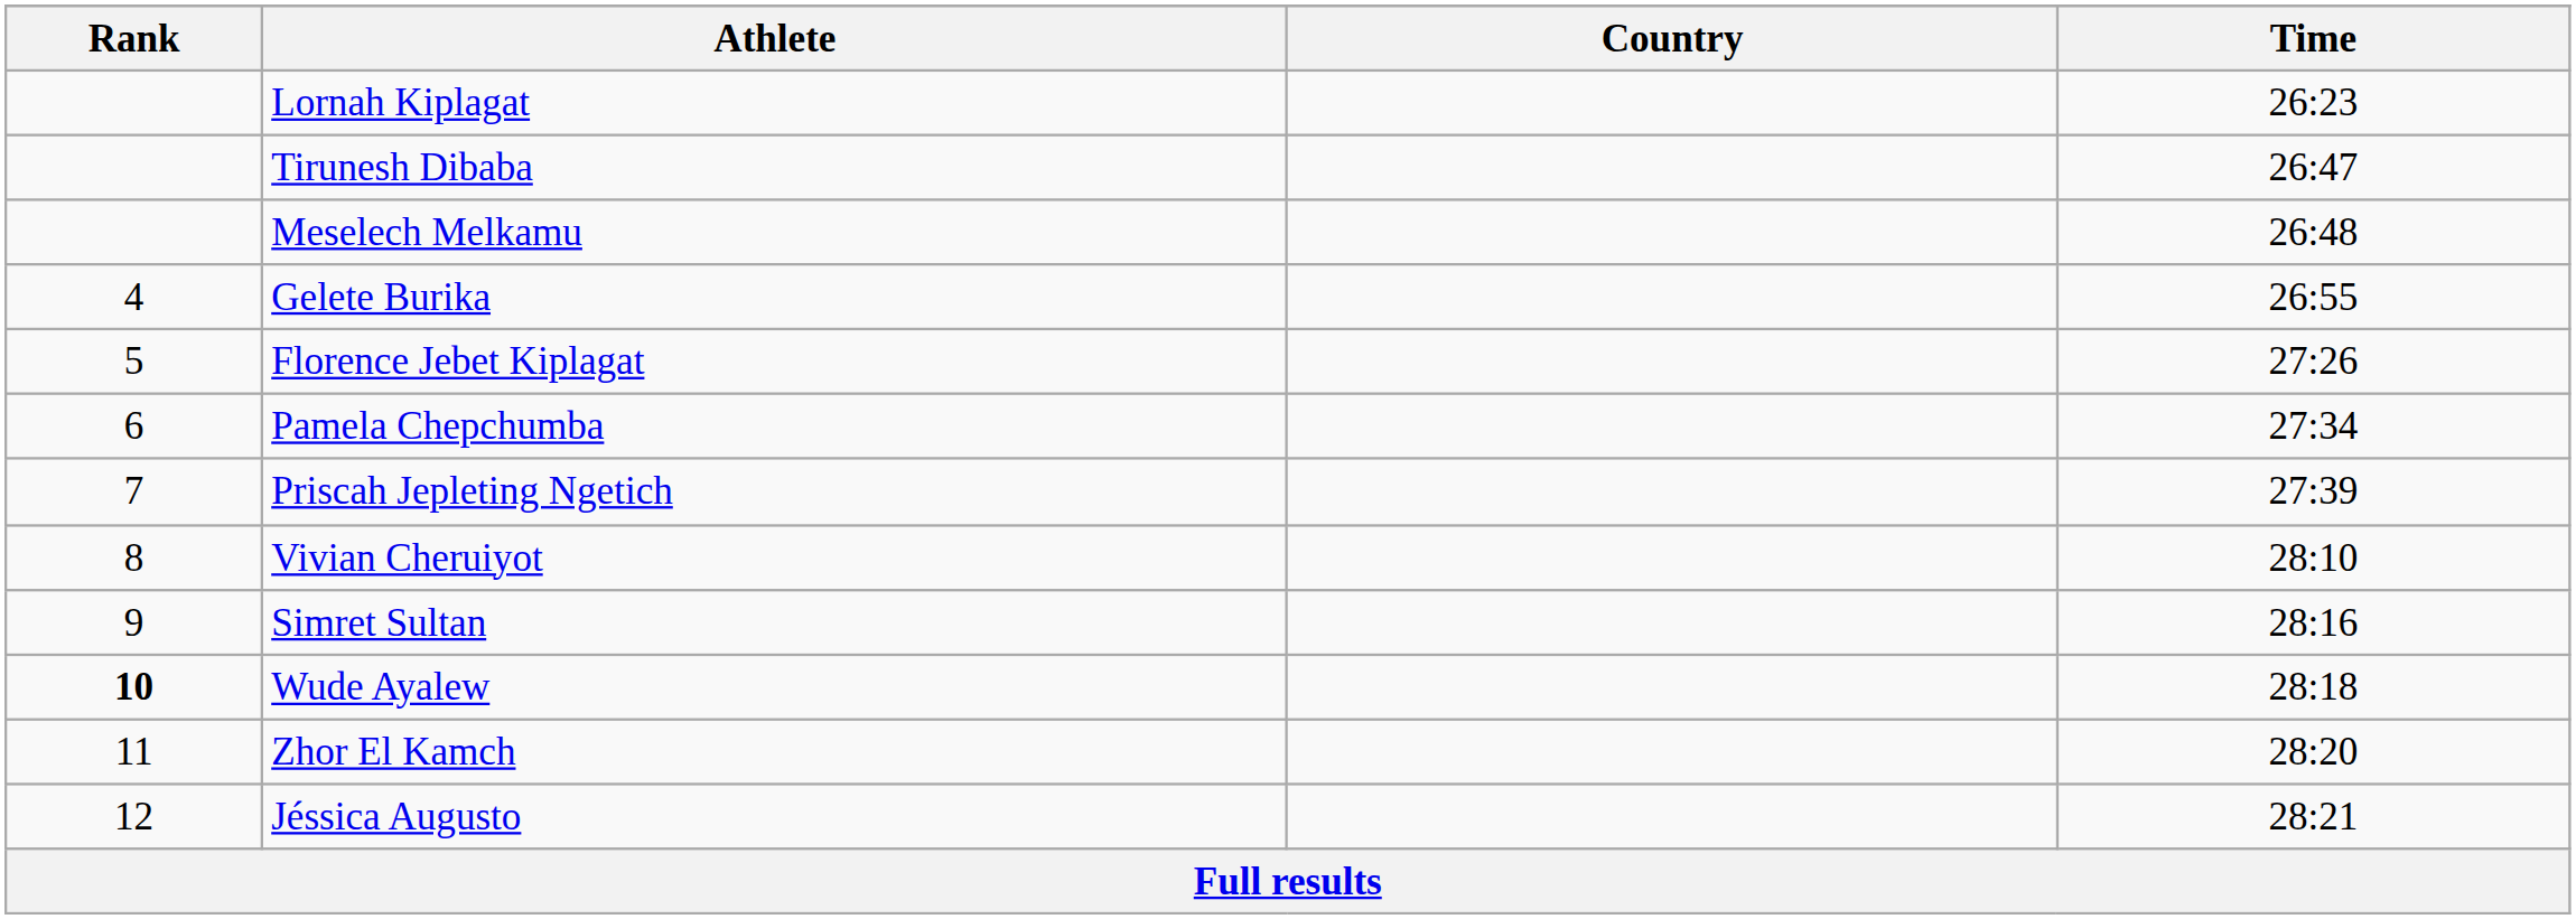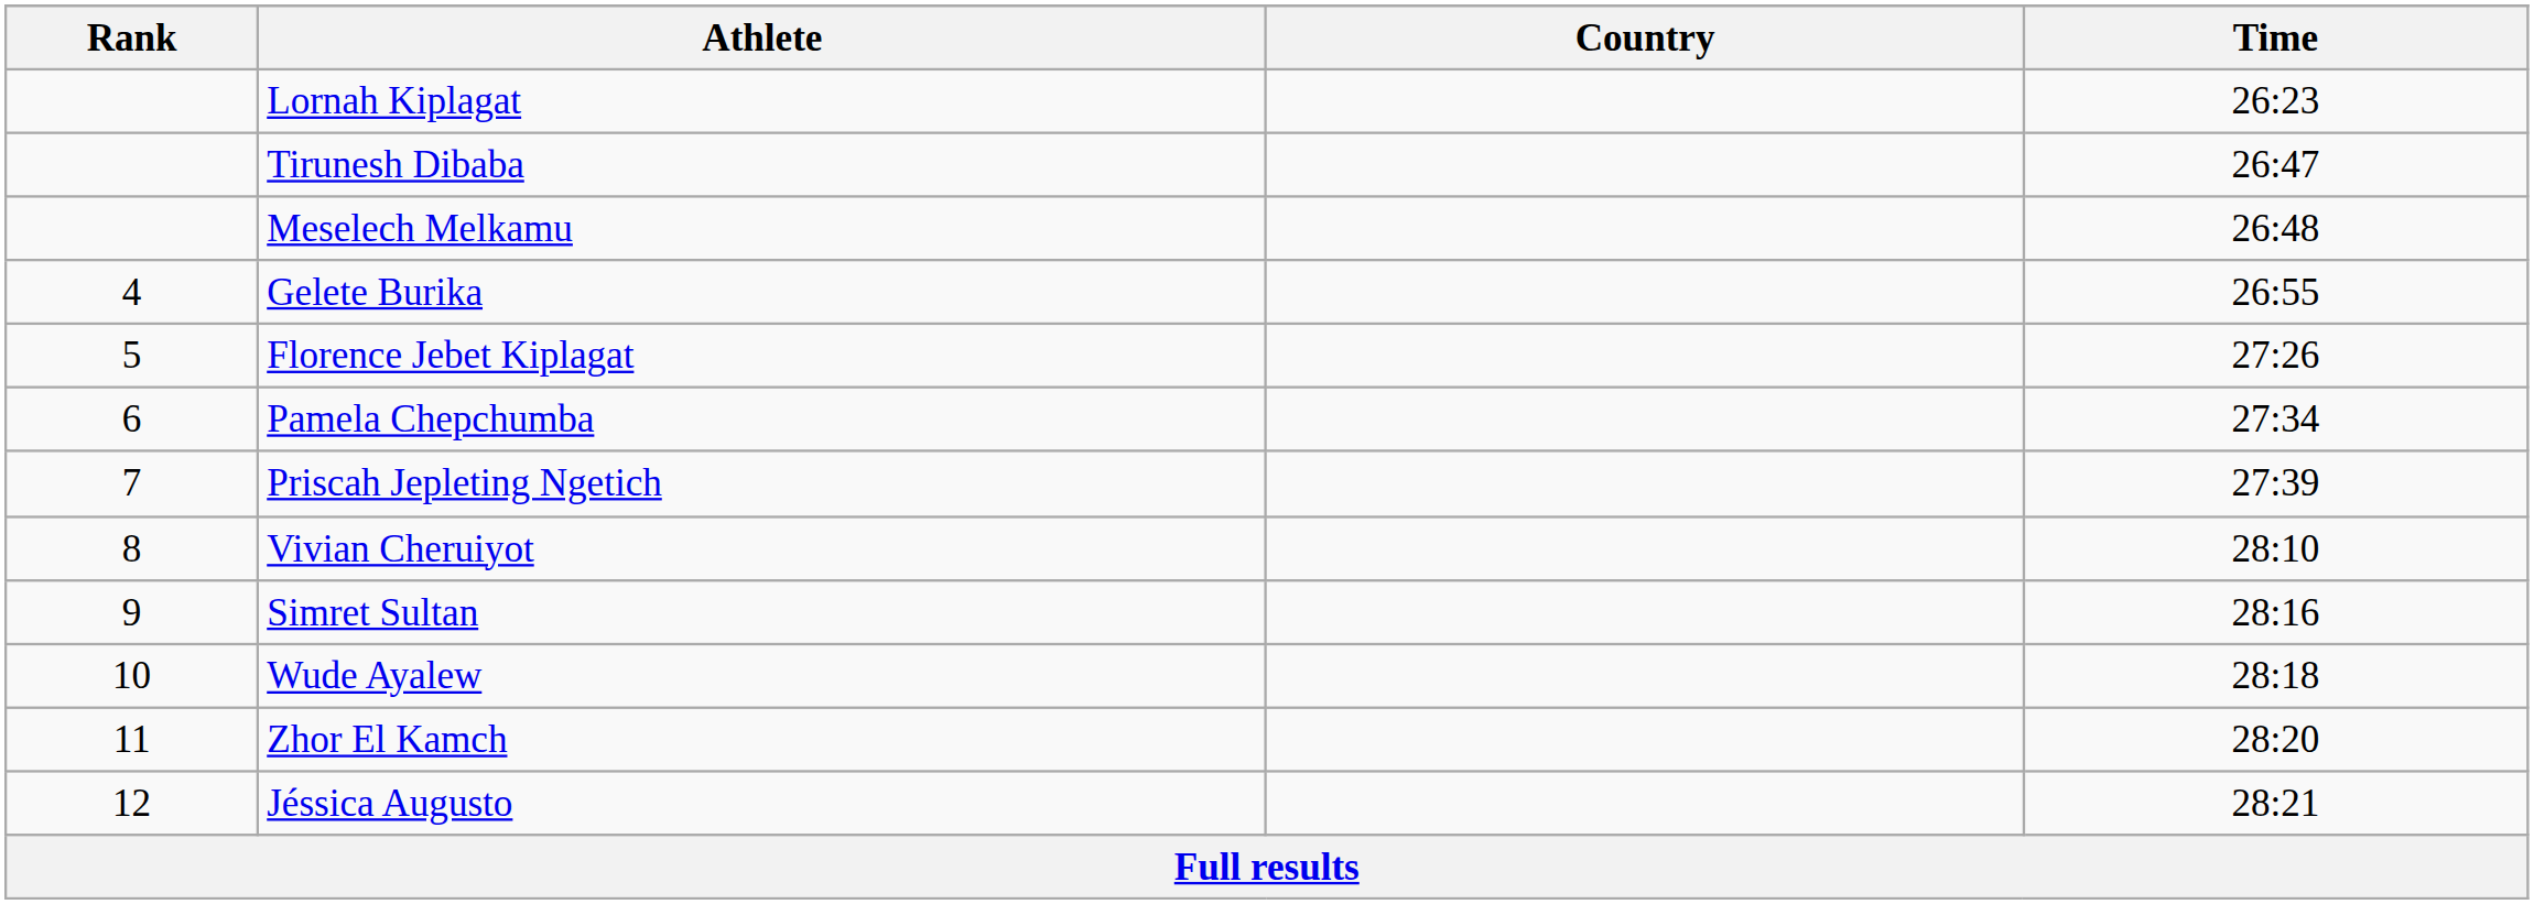 <table class="wikitable sortable" style=" text-align:center; font-size:95%;" width="50%">
 <tr>
 </tr>
 <tr>
 <th width=5%>Rank</th>
 <th width=20%>Athlete</th>
 <th width=15%>Country</th>
 <th width=10%>Time</th>
 </tr>
 <tr>
 <td align=center></td>
 <td align=left><a href='#'>Lornah Kiplagat</a></td>
 <td align=left></td>
 <td>26:23</td>
 </tr>
 <tr>
 <td align=center></td>
 <td align=left><a href='#'>Tirunesh Dibaba</a></td>
 <td align=left></td>
 <td>26:47</td>
 </tr>
 <tr>
 <td align=center></td>
 <td align=left><a href='#'>Meselech Melkamu</a></td>
 <td align=left></td>
 <td>26:48</td>
 </tr>
 <tr>
 <td align=center>4</td>
 <td align=left><a href='#'>Gelete Burika</a></td>
 <td align=left></td>
 <td>26:55</td>
 </tr>
 <tr>
 <td align=center>5</td>
 <td align=left><a href='#'>Florence Jebet Kiplagat</a></td>
 <td align=left></td>
 <td>27:26</td>
 </tr>
 <tr>
 <td align=center>6</td>
 <td align=left><a href='#'>Pamela Chepchumba</a></td>
 <td align=left></td>
 <td>27:34</td>
 </tr>
 <tr>
 <td align=center>7</td>
 <td align=left><a href='#'>Priscah Jepleting Ngetich</a></td>
 <td align=left></td>
 <td>27:39</td>
 </tr>
 <tr>
 <td align=center>8</td>
 <td align=left><a href='#'>Vivian Cheruiyot</a></td>
 <td align=left></td>
 <td>28:10</td>
 </tr>
 <tr>
 <td align=center>9</td>
 <td align=left><a href='#'>Simret Sultan</a></td>
 <td align=left></td>
 <td>28:16</td>
 </tr>
 <tr>
-<td align=center><strong>10</strong></td>
+<td align=center>10</td>
 <td align=left><a href='#'>Wude Ayalew</a></td>
 <td align=left></td>
 <td>28:18</td>
 </tr>
 <tr>
 <td align=center>11</td>
 <td align=left><a href='#'>Zhor El Kamch</a></td>
 <td align=left></td>
 <td>28:20</td>
 </tr>
 <tr>
 <td align=center>12</td>
 <td align=left><a href='#'>Jéssica Augusto</a></td>
 <td align=left></td>
 <td>28:21</td>
 </tr>
 <tr class="sortbottom">
 <th colspan=4 align=center><a href='#'>Full results</a></th>
 </tr>
 </table>
